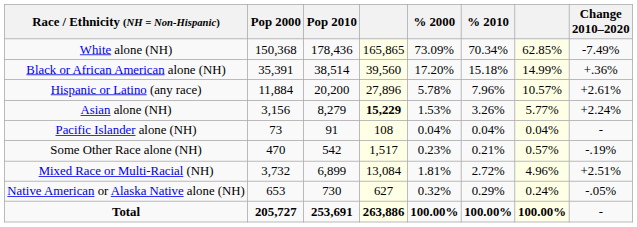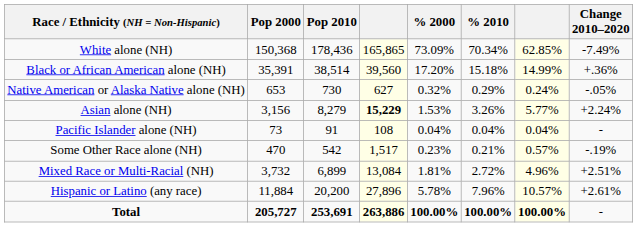 <table class="wikitable"  style="text-align:center;">
 <tr>
 <th>Race / Ethnicity <small>(<em>NH = Non-Hispanic</em>)</small></th>
 <th>Pop 2000</th>
 <th>Pop 2010</th>
 <th></th>
 <th>% 2000</th>
 <th>% 2010</th>
 <th></th>
 <th>Change<br> 2010–2020</th>
 </tr>
 <tr>
 <td><a href='#'>White</a> alone (NH)</td>
 <td>150,368</td>
 <td>178,436</td>
 <td style='background: #ffffe6;'>165,865</td>
 <td>73.09%</td>
 <td>70.34%</td>
 <td style='background: #ffffe6;'>62.85%</td>
 <td>-7.49%</td>
 </tr>
 <tr>
 <td><a href='#'>Black or African American</a> alone (NH)</td>
 <td>35,391</td>
 <td>38,514</td>
 <td style='background: #ffffe6;'>39,560</td>
 <td>17.20%</td>
 <td>15.18%</td>
 <td style='background: #ffffe6;'>14.99%</td>
 <td>+.36%</td>
 </tr>
 <tr>
-<td><a href='#'>Hispanic or Latino</a> (any race)</td>
-<td>11,884</td>
-<td>20,200</td>
-<td style='background: #ffffe6;'>27,896</td>
-<td>5.78%</td>
-<td>7.96%</td>
-<td style='background: #ffffe6;'>10.57%</td>
-<td>+2.61%</td>
+<td><a href='#'>Native American</a> or <a href='#'>Alaska Native</a> alone (NH)</td>
+<td>653</td>
+<td>730</td>
+<td style='background: #ffffe6;'>627</td>
+<td>0.32%</td>
+<td>0.29%</td>
+<td style='background: #ffffe6;'>0.24%</td>
+<td>-.05%</td>
 </tr>
 <tr>
 <td><a href='#'>Asian</a> alone (NH)</td>
 <td>3,156</td>
 <td>8,279</td>
 <td style='background: #ffffe6;'><strong>15,229</strong></td>
 <td>1.53%</td>
 <td>3.26%</td>
 <td style='background: #ffffe6;'>5.77%</td>
 <td>+2.24%</td>
 </tr>
 <tr>
 <td><a href='#'>Pacific Islander</a> alone (NH)</td>
 <td>73</td>
 <td>91</td>
 <td style='background: #ffffe6;'>108</td>
 <td>0.04%</td>
 <td>0.04%</td>
 <td style='background: #ffffe6;'>0.04%</td>
 <td>-</td>
 </tr>
 <tr>
 <td>Some Other Race alone (NH)</td>
 <td>470</td>
 <td>542</td>
 <td style='background: #ffffe6;'>1,517</td>
 <td>0.23%</td>
 <td>0.21%</td>
 <td style='background: #ffffe6;'>0.57%</td>
 <td>-.19%</td>
 </tr>
 <tr>
 <td><a href='#'>Mixed Race or Multi-Racial</a> (NH)</td>
 <td>3,732</td>
 <td>6,899</td>
 <td style='background: #ffffe6;'>13,084</td>
 <td>1.81%</td>
 <td>2.72%</td>
 <td style='background: #ffffe6;'>4.96%</td>
 <td>+2.51%</td>
 </tr>
 <tr>
-<td><a href='#'>Native American</a> or <a href='#'>Alaska Native</a> alone (NH)</td>
-<td>653</td>
-<td>730</td>
-<td style='background: #ffffe6;'>627</td>
-<td>0.32%</td>
-<td>0.29%</td>
-<td style='background: #ffffe6;'>0.24%</td>
-<td>-.05%</td>
+<td><a href='#'>Hispanic or Latino</a> (any race)</td>
+<td>11,884</td>
+<td>20,200</td>
+<td style='background: #ffffe6;'>27,896</td>
+<td>5.78%</td>
+<td>7.96%</td>
+<td style='background: #ffffe6;'>10.57%</td>
+<td>+2.61%</td>
 </tr>
 <tr>
 <td><strong>Total</strong></td>
 <td><strong>205,727</strong></td>
 <td><strong>253,691</strong></td>
 <td style='background: #ffffe6;'><strong>263,886</strong></td>
 <td><strong>100.00%</strong></td>
 <td><strong>100.00%</strong></td>
 <td style='background: #ffffe6;'><strong>100.00%</strong></td>
 <td>-</td>
 </tr>
 </table>
